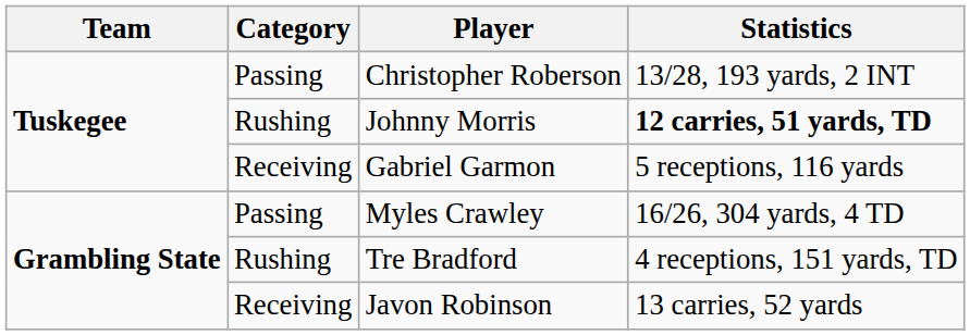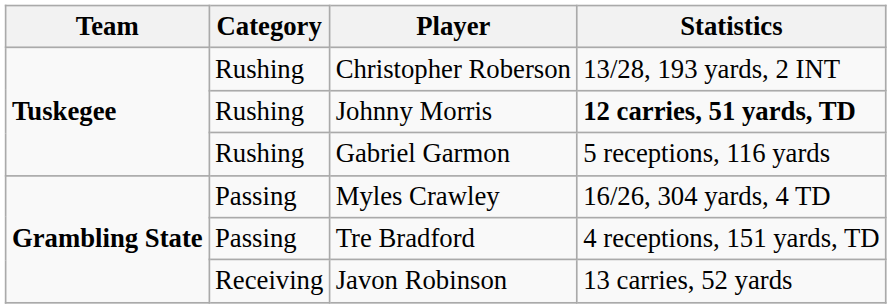 <table class="wikitable" style="float: right;">
 <tr>
 <th>Team</th>
 <th>Category</th>
 <th>Player</th>
 <th>Statistics</th>
 </tr>
 <tr>
 <td rowspan=3><strong>Tuskegee</strong></td>
-<td>Passing</td>
+<td>Rushing</td>
 <td>Christopher Roberson</td>
 <td>13/28, 193 yards, 2 INT</td>
 </tr>
 <tr>
 <td>Rushing</td>
 <td>Johnny Morris</td>
 <td><strong>12 carries, 51 yards, TD</strong></td>
 </tr>
 <tr>
-<td>Receiving</td>
+<td>Rushing</td>
 <td>Gabriel Garmon</td>
 <td>5 receptions, 116 yards</td>
 </tr>
 <tr>
 <td rowspan=3><strong>Grambling State</strong></td>
 <td>Passing</td>
 <td>Myles Crawley</td>
 <td>16/26, 304 yards, 4 TD</td>
 </tr>
 <tr>
-<td>Rushing</td>
+<td>Passing</td>
 <td>Tre Bradford</td>
 <td>4 receptions, 151 yards, TD</td>
 </tr>
 <tr>
 <td>Receiving</td>
 <td>Javon Robinson</td>
 <td>13 carries, 52 yards</td>
 </tr>
 </table>
